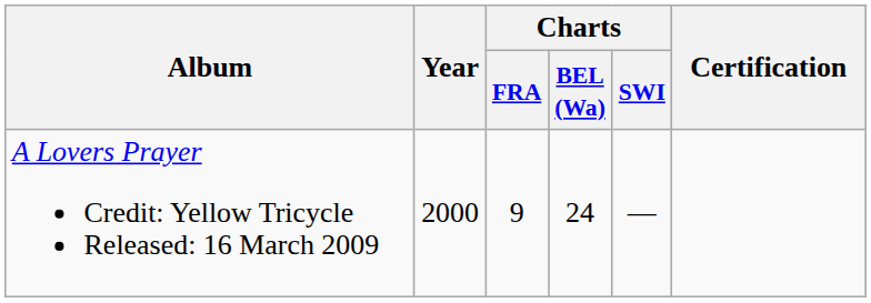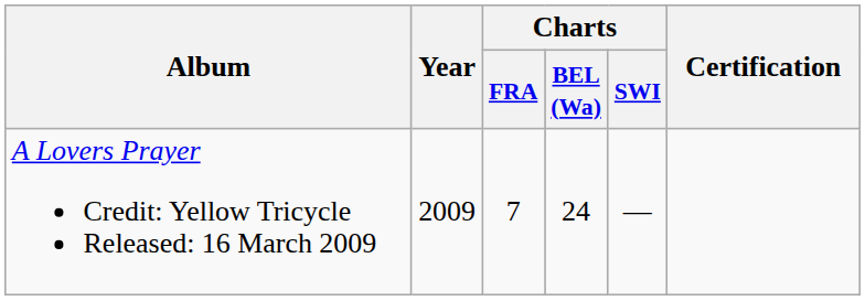 <table class="wikitable">
 <tr>
 <th rowspan="2" style="text-align:center; width:220px;">Album</th>
 <th rowspan="2" style="text-align:center; width:5px;;">Year</th>
 <th style="text-align:center;" colspan="3">Charts</th>
 <th rowspan="2" style="text-align:center; width:100px;">Certification</th>
 </tr>
 <tr>
 <th width="20"><small><a href='#'>FRA</a></small><br></th>
 <th width="20"><small><a href='#'>BEL<br>(Wa)</a></small></th>
 <th width="20"><small><a href='#'>SWI</a></small></th>
 </tr>
 <tr>
 <td><em><a href='#'>A Lovers Prayer</a></em><br><ul><li>Credit: Yellow Tricycle</li><li>Released: 16 March 2009</li></ul></td>
-<td style="text-align:center;">2000</td>
-<td style="text-align:center;">9</td>
+<td style="text-align:center;">2009</td>
+<td style="text-align:center;">7</td>
 <td style="text-align:center;">24</td>
 <td style="text-align:center;">—</td>
 <td style="text-align:center;"></td>
 </tr>
 </table>
